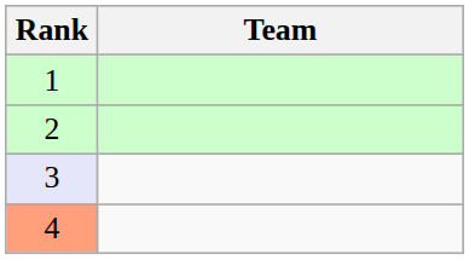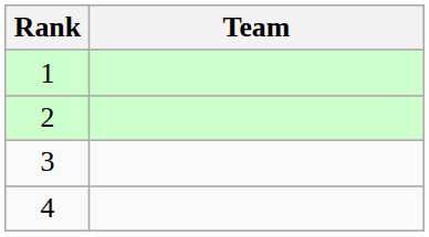 <table class="wikitable" style="text-align:center">
 <tr>
 <th width=40>Rank</th>
 <th width=180>Team</th>
 </tr>
 <tr bgcolor=#ccffcc>
 <td>1</td>
 <td style="text-align:left"></td>
 </tr>
 <tr bgcolor=#ccffcc>
 <td>2</td>
 <td style="text-align:left"></td>
 </tr>
 <tr>
-<td style="background: lavender;">3</td>
+<td>3</td>
 <td style="text-align:left"></td>
 </tr>
 <tr>
-<td style="background: lightsalmon;">4</td>
+<td>4</td>
 <td style="text-align:left"></td>
 </tr>
 </table>
